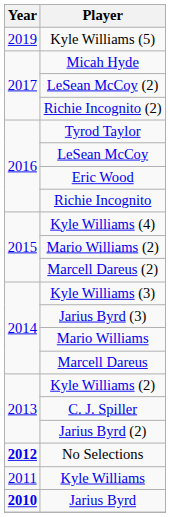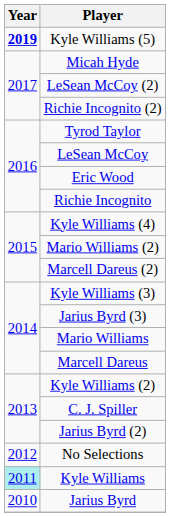 <table class="wikitable" style="text-align:center">
 <tr>
 <th>Year</th>
 <th>Player</th>
 </tr>
 <tr>
-<td><a href='#'>2019</a></td>
+<td><strong><a href='#'>2019</a></strong></td>
 <td>Kyle Williams (5)</td>
 </tr>
 <tr>
 <td rowspan="3"><a href='#'>2017</a></td>
 <td><a href='#'>Micah Hyde</a></td>
 </tr>
 <tr>
 <td><a href='#'>LeSean McCoy</a> (2)</td>
 </tr>
 <tr>
 <td><a href='#'>Richie Incognito</a> (2)</td>
 </tr>
 <tr>
 <td rowspan="4"><a href='#'>2016</a></td>
 <td><a href='#'>Tyrod Taylor</a></td>
 </tr>
 <tr>
 <td><a href='#'>LeSean McCoy</a></td>
 </tr>
 <tr>
 <td><a href='#'>Eric Wood</a></td>
 </tr>
 <tr>
 <td><a href='#'>Richie Incognito</a></td>
 </tr>
 <tr>
 <td rowspan="3"><a href='#'>2015</a></td>
 <td><a href='#'>Kyle Williams</a> (4)</td>
 </tr>
 <tr>
 <td><a href='#'>Mario Williams</a> (2)</td>
 </tr>
 <tr>
 <td><a href='#'>Marcell Dareus</a> (2)</td>
 </tr>
 <tr>
 <td rowspan="4"><a href='#'>2014</a></td>
 <td><a href='#'>Kyle Williams</a> (3)</td>
 </tr>
 <tr>
 <td><a href='#'>Jarius Byrd</a> (3)</td>
 </tr>
 <tr>
 <td><a href='#'>Mario Williams</a></td>
 </tr>
 <tr>
 <td><a href='#'>Marcell Dareus</a></td>
 </tr>
 <tr>
 <td rowspan="3"><a href='#'>2013</a></td>
 <td><a href='#'>Kyle Williams</a> (2)</td>
 </tr>
 <tr>
 <td><a href='#'>C. J. Spiller</a></td>
 </tr>
 <tr>
 <td><a href='#'>Jarius Byrd</a> (2)</td>
 </tr>
 <tr>
-<td rowspan="1"><strong><a href='#'>2012</a></strong></td>
+<td rowspan="1"><a href='#'>2012</a></td>
 <td>No Selections</td>
 </tr>
 <tr>
-<td rowspan="1"><a href='#'>2011</a></td>
+<td rowspan="1" style="background: paleturquoise;"><a href='#'>2011</a></td>
 <td><a href='#'>Kyle Williams</a></td>
 </tr>
 <tr>
-<td rowspan="1"><strong><a href='#'>2010</a></strong></td>
+<td rowspan="1"><a href='#'>2010</a></td>
 <td><a href='#'>Jarius Byrd</a></td>
 </tr>
 <tr>
 </tr>
 </table>
